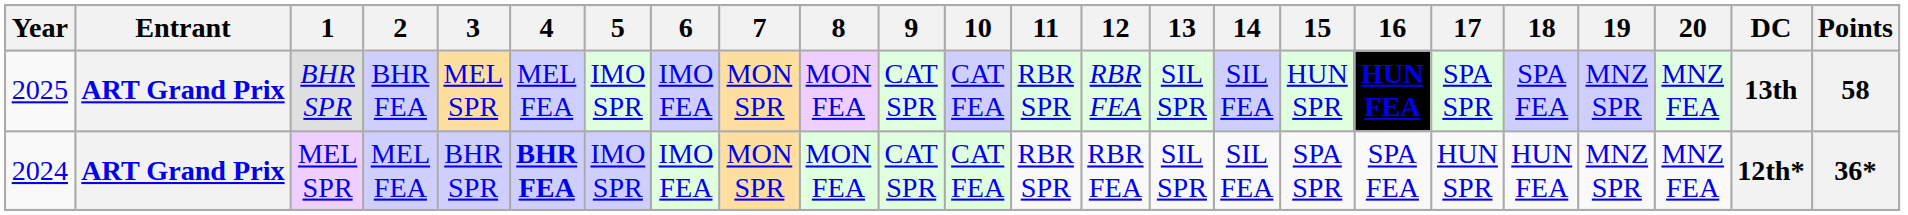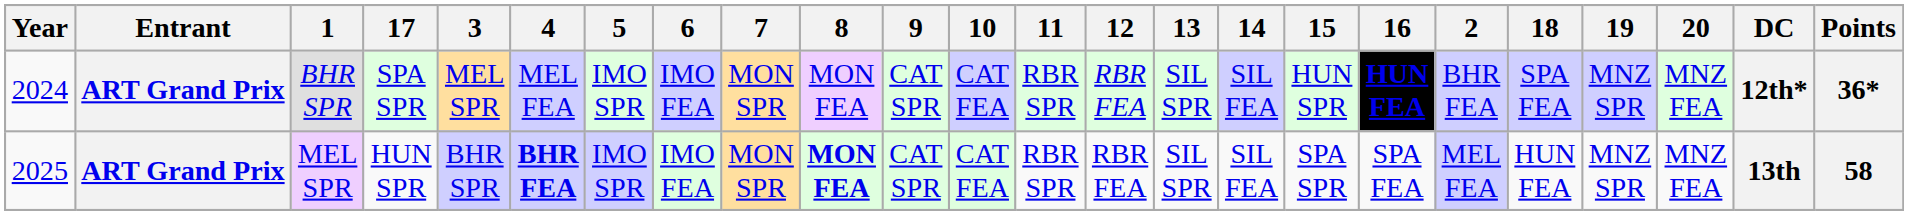 <table class="wikitable" style="text-align:center; font-size:85%;">
 <tr>
 <th>Year</th>
 <th>Entrant</th>
 <th>1</th>
-<th>2</th>
+<th>17</th>
 <th>3</th>
 <th>4</th>
 <th>5</th>
 <th>6</th>
 <th>7</th>
 <th>8</th>
 <th>9</th>
 <th>10</th>
 <th>11</th>
 <th>12</th>
 <th>13</th>
 <th>14</th>
 <th>15</th>
 <th>16</th>
-<th>17</th>
+<th>2</th>
 <th>18</th>
 <th>19</th>
 <th>20</th>
 <th>DC</th>
 <th>Points</th>
 </tr>
 <tr>
-<td><a href='#'>2025</a></td>
+<td><a href='#'>2024</a></td>
 <th nowrap><a href='#'>ART Grand Prix</a></th>
 <td style="background:#DFDFDF;"><em><a href='#'>BHR<br>SPR</a></em><br></td>
-<td style="background:#CFCFFF;"><a href='#'>BHR<br>FEA</a><br></td>
+<td style="background:#DFFFDF;"><a href='#'>SPA<br>SPR</a><br></td>
 <td style="background:#FFDF9F;"><a href='#'>MEL<br>SPR</a><br></td>
 <td style="background:#CFCFFF;"><a href='#'>MEL<br>FEA</a><br></td>
 <td style="background:#DFFFDF;"><a href='#'>IMO<br>SPR</a><br></td>
 <td style="background:#CFCFFF;"><a href='#'>IMO<br>FEA</a><br></td>
 <td style="background:#FFDF9F;"><a href='#'>MON<br>SPR</a><br></td>
 <td style="background:#EFCFFF;"><a href='#'>MON<br>FEA</a><br></td>
 <td style="background:#DFFFDF;"><a href='#'>CAT<br>SPR</a><br></td>
 <td style="background:#CFCFFF;"><a href='#'>CAT<br>FEA</a><br></td>
 <td style="background:#DFFFDF;"><a href='#'>RBR<br>SPR</a><br></td>
 <td style="background:#DFFFDF;"><em><a href='#'>RBR<br>FEA</a></em><br></td>
 <td style="background:#DFFFDF;"><a href='#'>SIL<br>SPR</a><br></td>
 <td style="background:#CFCFFF;"><a href='#'>SIL<br>FEA</a><br></td>
 <td style="background:#DFFFDF;"><a href='#'>HUN<br>SPR</a><br></td>
 <td style="background:#000000; color:#FFFFFF;"><strong><a href='#'><span>HUN<br>FEA</span></a></strong><br></td>
-<td style="background:#DFFFDF;"><a href='#'>SPA<br>SPR</a><br></td>
+<td style="background:#CFCFFF;"><a href='#'>BHR<br>FEA</a><br></td>
 <td style="background:#CFCFFF;"><a href='#'>SPA<br>FEA</a><br></td>
 <td style="background:#CFCFFF;"><a href='#'>MNZ<br>SPR</a><br></td>
 <td style="background:#DFFFDF;"><a href='#'>MNZ<br>FEA</a><br></td>
-<th>13th</th>
-<th>58</th>
+<th>12th*</th>
+<th>36*</th>
 </tr>
 <tr>
-<td><a href='#'>2024</a></td>
+<td><a href='#'>2025</a></td>
 <th nowrap><a href='#'>ART Grand Prix</a></th>
 <td style="background:#EFCFFF;"><a href='#'>MEL<br>SPR</a><br></td>
-<td style="background:#CFCFFF;"><a href='#'>MEL<br>FEA</a><br></td>
+<td style="background:#;"><a href='#'>HUN<br>SPR</a><br></td>
 <td style="background:#CFCFFF;"><a href='#'>BHR<br>SPR</a><br></td>
 <td style="background:#CFCFFF;"><strong><a href='#'>BHR<br>FEA</a><br></strong></td>
 <td style="background:#CFCFFF;"><a href='#'>IMO<br>SPR</a><br></td>
 <td style="background:#DFFFDF;"><a href='#'>IMO<br>FEA</a><br></td>
 <td style="background:#FFDF9F;"><a href='#'>MON<br>SPR</a><br></td>
-<td style="background:#DFFFDF;"><a href='#'>MON<br>FEA</a><br></td>
+<td style="background:#DFFFDF;"><strong><a href='#'>MON<br>FEA</a><br></strong></td>
 <td style="background:#DFFFDF;"><a href='#'>CAT<br>SPR</a><br></td>
 <td style="background:#DFFFDF;"><a href='#'>CAT<br>FEA</a><br></td>
 <td style="background:#;"><a href='#'>RBR<br>SPR</a><br></td>
 <td style="background:#;"><a href='#'>RBR<br>FEA</a><br></td>
 <td style="background:#;"><a href='#'>SIL<br>SPR</a><br></td>
 <td style="background:#;"><a href='#'>SIL<br>FEA</a><br></td>
 <td style="background:#;"><a href='#'>SPA<br>SPR</a><br></td>
 <td style="background:#;"><a href='#'>SPA<br>FEA</a><br></td>
-<td style="background:#;"><a href='#'>HUN<br>SPR</a><br></td>
+<td style="background:#CFCFFF;"><a href='#'>MEL<br>FEA</a><br></td>
 <td style="background:#;"><a href='#'>HUN<br>FEA</a><br></td>
 <td style="background:#;"><a href='#'>MNZ<br>SPR</a><br></td>
 <td style="background:#;"><a href='#'>MNZ<br>FEA</a><br></td>
-<th>12th*</th>
-<th>36*</th>
+<th>13th</th>
+<th>58</th>
 </tr>
 </table>
